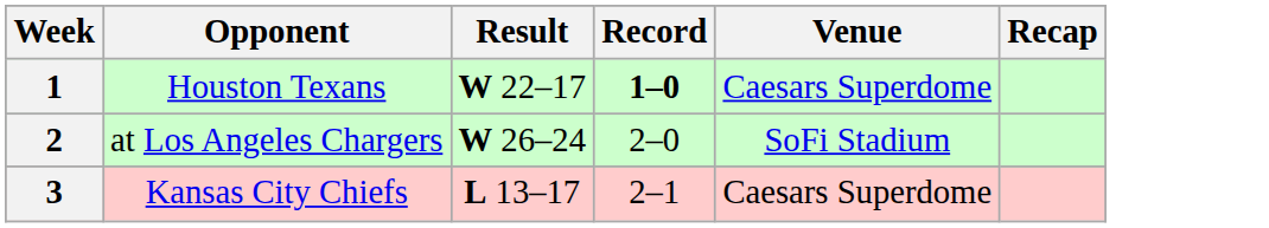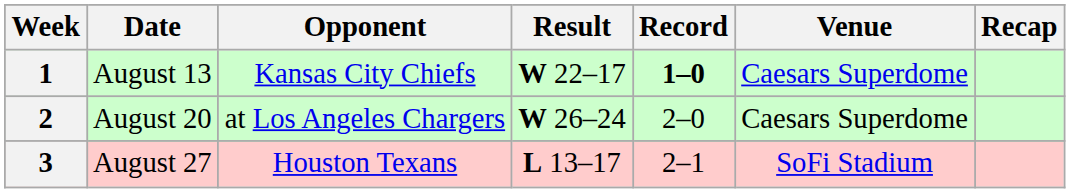 <table class="wikitable" style="text-align:center">
 <tr>
 <th>Week</th>
+<th>Date</th>
 <th>Opponent</th>
 <th>Result</th>
 <th>Record</th>
 <th>Venue</th>
 <th>Recap</th>
 </tr>
 <tr style="background:#cfc">
 <th>1</th>
-<td><a href='#'>Houston Texans</a></td>
+<td>August 13</td>
+<td><a href='#'>Kansas City Chiefs</a></td>
 <td><strong>W</strong> 22–17</td>
 <td><strong>1–0</strong></td>
 <td><a href='#'>Caesars Superdome</a></td>
 <td></td>
 </tr>
 <tr style="background:#cfc">
 <th>2</th>
+<td>August 20</td>
 <td>at <a href='#'>Los Angeles Chargers</a></td>
 <td><strong>W</strong> 26–24</td>
 <td>2–0</td>
-<td><a href='#'>SoFi Stadium</a></td>
+<td>Caesars Superdome</td>
 <td></td>
 </tr>
 <tr style="background:#fcc">
 <th>3</th>
-<td><a href='#'>Kansas City Chiefs</a></td>
+<td>August 27</td>
+<td><a href='#'>Houston Texans</a></td>
 <td><strong>L</strong> 13–17</td>
 <td>2–1</td>
-<td>Caesars Superdome</td>
+<td><a href='#'>SoFi Stadium</a></td>
 <td></td>
 </tr>
 </table>
